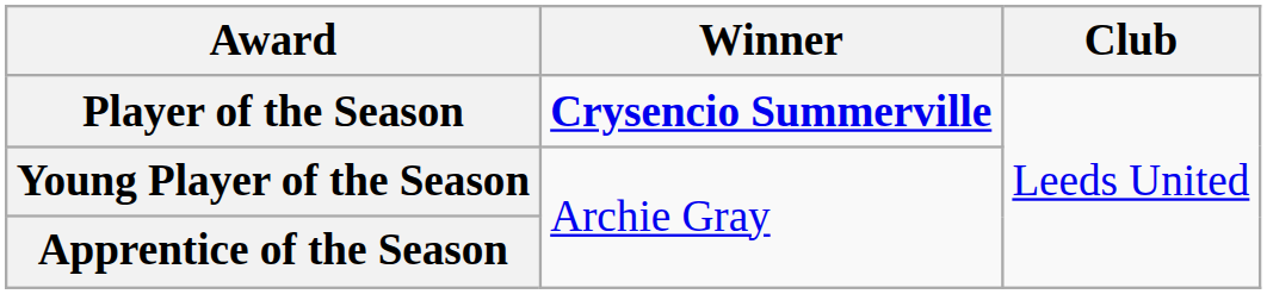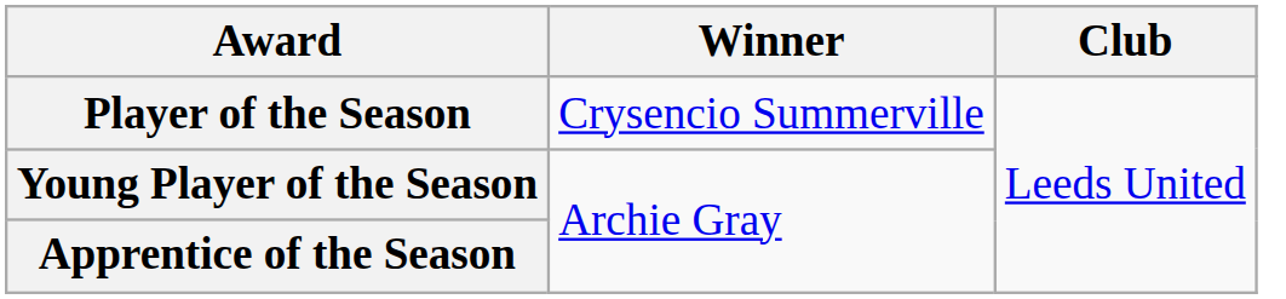 <table class="wikitable">
 <tr>
 <th>Award</th>
 <th>Winner</th>
 <th>Club</th>
 </tr>
 <tr>
 <th>Player of the Season</th>
-<td><strong> <a href='#'>Crysencio Summerville</a></strong></td>
+<td> <a href='#'>Crysencio Summerville</a></td>
 <td rowspan="3"><a href='#'>Leeds United</a></td>
 </tr>
 <tr>
 <th>Young Player of the Season</th>
 <td rowspan="2"> <a href='#'>Archie Gray</a></td>
 </tr>
 <tr>
 <th>Apprentice of the Season</th>
 </tr>
 </table>
